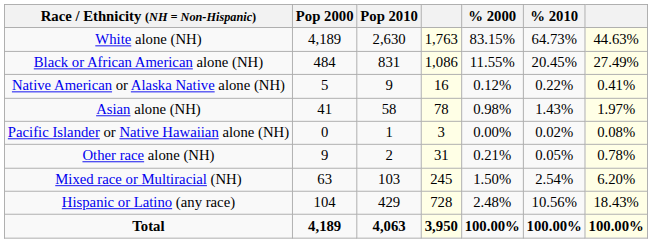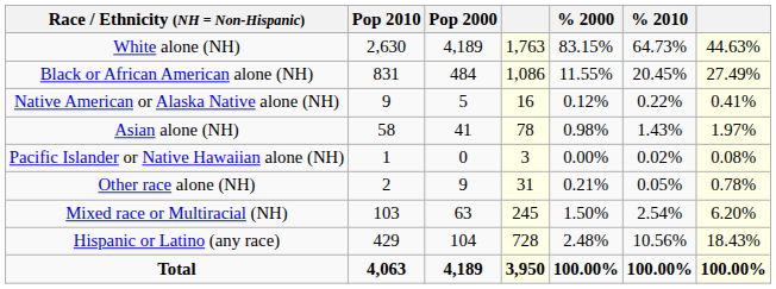 <table class="wikitable" style="text-align:center;">
 <tr>
 <th>Race / Ethnicity <small>(<em>NH = Non-Hispanic</em>)</small></th>
+<th>Pop 2010</th>
 <th>Pop 2000</th>
-<th>Pop 2010</th>
 <th></th>
 <th>% 2000</th>
 <th>% 2010</th>
 <th></th>
 </tr>
 <tr>
 <td><a href='#'>White</a> alone (NH)</td>
+<td>2,630</td>
 <td>4,189</td>
-<td>2,630</td>
 <td style='background: #ffffe6;'>1,763</td>
 <td>83.15%</td>
 <td>64.73%</td>
 <td style='background: #ffffe6;'>44.63%</td>
 </tr>
 <tr>
 <td><a href='#'>Black or African American</a> alone (NH)</td>
+<td>831</td>
 <td>484</td>
-<td>831</td>
 <td style='background: #ffffe6;'>1,086</td>
 <td>11.55%</td>
 <td>20.45%</td>
 <td style='background: #ffffe6;'>27.49%</td>
 </tr>
 <tr>
 <td><a href='#'>Native American</a> or <a href='#'>Alaska Native</a> alone (NH)</td>
+<td>9</td>
 <td>5</td>
-<td>9</td>
 <td style='background: #ffffe6;'>16</td>
 <td>0.12%</td>
 <td>0.22%</td>
 <td style='background: #ffffe6;'>0.41%</td>
 </tr>
 <tr>
 <td><a href='#'>Asian</a> alone (NH)</td>
+<td>58</td>
 <td>41</td>
-<td>58</td>
 <td style='background: #ffffe6;'>78</td>
 <td>0.98%</td>
 <td>1.43%</td>
 <td style='background: #ffffe6;'>1.97%</td>
 </tr>
 <tr>
 <td><a href='#'>Pacific Islander</a> or <a href='#'>Native Hawaiian</a> alone (NH)</td>
+<td>1</td>
 <td>0</td>
-<td>1</td>
 <td style='background: #ffffe6;'>3</td>
 <td>0.00%</td>
 <td>0.02%</td>
 <td style='background: #ffffe6;'>0.08%</td>
 </tr>
 <tr>
 <td><a href='#'>Other race</a> alone (NH)</td>
+<td>2</td>
 <td>9</td>
-<td>2</td>
 <td style='background: #ffffe6;'>31</td>
 <td>0.21%</td>
 <td>0.05%</td>
 <td style='background: #ffffe6;'>0.78%</td>
 </tr>
 <tr>
 <td><a href='#'>Mixed race or Multiracial</a> (NH)</td>
+<td>103</td>
 <td>63</td>
-<td>103</td>
 <td style='background: #ffffe6;'>245</td>
 <td>1.50%</td>
 <td>2.54%</td>
 <td style='background: #ffffe6;'>6.20%</td>
 </tr>
 <tr>
 <td><a href='#'>Hispanic or Latino</a> (any race)</td>
+<td>429</td>
 <td>104</td>
-<td>429</td>
 <td style='background: #ffffe6;'>728</td>
 <td>2.48%</td>
 <td>10.56%</td>
 <td style='background: #ffffe6;'>18.43%</td>
 </tr>
 <tr>
 <td><strong>Total</strong></td>
+<td><strong>4,063</strong></td>
 <td><strong>4,189</strong></td>
-<td><strong>4,063</strong></td>
 <td style='background: #ffffe6;'><strong>3,950</strong></td>
 <td><strong>100.00%</strong></td>
 <td><strong>100.00%</strong></td>
 <td style='background: #ffffe6;'><strong>100.00%</strong></td>
 </tr>
 </table>
